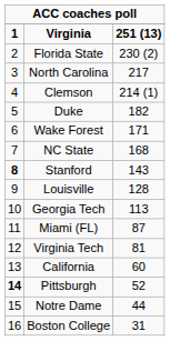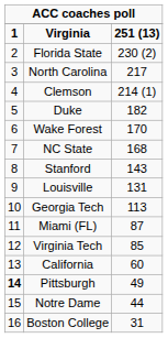 <table class="wikitable" style="display: inline-table;">
 <tr>
 <td align="center" Colspan="3"><strong>ACC coaches poll</strong></td>
 </tr>
 <tr align="center">
 </tr>
 <tr align="center">
 <td><strong>1</strong></td>
 <td><strong>Virginia</strong></td>
 <td><strong>251 (13)</strong></td>
 </tr>
 <tr align="center">
 <td>2</td>
 <td>Florida State</td>
 <td>230 (2)</td>
 </tr>
 <tr align="center">
 <td>3</td>
 <td>North Carolina</td>
 <td>217</td>
 </tr>
 <tr align="center">
 <td>4</td>
 <td>Clemson</td>
 <td>214 (1)</td>
 </tr>
 <tr align="center">
 <td>5</td>
 <td>Duke</td>
 <td>182</td>
 </tr>
 <tr align="center">
 <td>6</td>
 <td>Wake Forest</td>
-<td>171</td>
+<td>170</td>
 </tr>
 <tr align="center">
 <td>7</td>
 <td>NC State</td>
 <td>168</td>
 </tr>
 <tr align="center">
-<td><strong>8</strong></td>
+<td>8</td>
 <td>Stanford</td>
 <td>143</td>
 </tr>
 <tr align="center">
 <td>9</td>
 <td>Louisville</td>
-<td>128</td>
+<td>131</td>
 </tr>
 <tr align="center">
 <td>10</td>
 <td>Georgia Tech</td>
 <td>113</td>
 </tr>
 <tr align="center">
 <td>11</td>
 <td>Miami (FL)</td>
 <td>87</td>
 </tr>
 <tr align="center">
 <td>12</td>
 <td>Virginia Tech</td>
-<td>81</td>
+<td>85</td>
 </tr>
 <tr align="center">
 <td>13</td>
 <td>California</td>
 <td>60</td>
 </tr>
 <tr align="center">
 <td><strong>14</strong></td>
 <td>Pittsburgh</td>
-<td>52</td>
+<td>49</td>
 </tr>
 <tr align="center">
 <td>15</td>
 <td>Notre Dame</td>
 <td>44</td>
 </tr>
 <tr align="center">
 <td>16</td>
 <td>Boston College</td>
 <td>31</td>
 </tr>
 </table>
